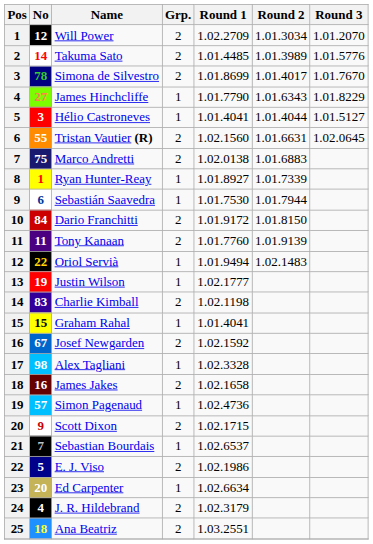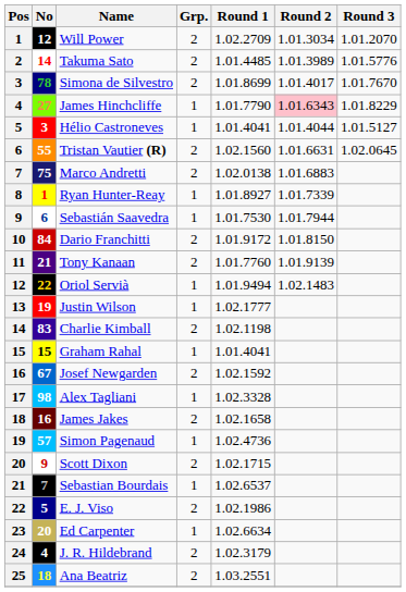 <table class="wikitable sortable" " style="fontsize:95%">
 <tr>
 <th>Pos</th>
 <th>No</th>
 <th>Name</th>
 <th>Grp.</th>
 <th>Round 1</th>
 <th>Round 2</th>
 <th>Round 3</th>
 </tr>
 <tr>
 <th scope="row">1</th>
 <td style="background:black; color:white;" align="center"><strong>12</strong></td>
 <td> <a href='#'>Will Power</a></td>
 <td style="text-align: center;">2</td>
 <td align="center">1.02.2709</td>
 <td align="center">1.01.3034</td>
 <td align="center">1.01.2070</td>
 </tr>
 <tr>
 <th scope="row">2</th>
 <td style="background:white; color:red;" align="center"><strong>14</strong></td>
 <td> <a href='#'>Takuma Sato</a></td>
 <td style="text-align: center;">2</td>
 <td align="center">1.01.4485</td>
 <td align="center">1.01.3989</td>
 <td align="center">1.01.5776</td>
 </tr>
 <tr>
 <th scope="row">3</th>
 <td style="background:navy; color:limegreen;" align="center"><strong>78</strong></td>
 <td> <a href='#'>Simona de Silvestro</a></td>
 <td style="text-align: center;">2</td>
 <td align="center">1.01.8699</td>
 <td align="center">1.01.4017</td>
 <td align="center">1.01.7670</td>
 </tr>
 <tr>
 <th scope="row">4</th>
 <td style="background:lawngreen; color:coral;" align="center"><strong>27</strong></td>
 <td> <a href='#'>James Hinchcliffe</a></td>
 <td style="text-align: center;">1</td>
 <td align="center">1.01.7790</td>
-<td align="center">1.01.6343</td>
+<td align="center" style="background: pink;">1.01.6343</td>
 <td align="center">1.01.8229</td>
 </tr>
 <tr>
 <th scope="row">5</th>
 <td style="background:red; color:white;" align="center"><strong>3</strong></td>
 <td> <a href='#'>Hélio Castroneves</a></td>
 <td style="text-align: center;">1</td>
 <td align="center">1.01.4041</td>
 <td align="center">1.01.4044</td>
 <td align="center">1.01.5127</td>
 </tr>
 <tr>
 <th scope="row">6</th>
 <td style="background:darkorange; color:white;" align="center"><strong>55</strong></td>
 <td> <a href='#'>Tristan Vautier</a> <strong>(R)</strong></td>
 <td style="text-align: center;">2</td>
 <td align="center">1.02.1560</td>
 <td align="center">1.01.6631</td>
 <td align="center">1.02.0645</td>
 </tr>
 <tr>
 <th scope="row">7</th>
 <td style="background:midnightblue; color:white;" align="center"><strong>75</strong></td>
 <td> <a href='#'>Marco Andretti</a></td>
 <td style="text-align: center;">2</td>
 <td align="center">1.02.0138</td>
 <td align="center">1.01.6883</td>
 <td></td>
 </tr>
 <tr>
 <th scope="row">8</th>
 <td style="background:yellow; color:red;" align="center"><strong>1</strong></td>
 <td> <a href='#'>Ryan Hunter-Reay</a></td>
 <td style="text-align: center;">1</td>
 <td align="center">1.01.8927</td>
 <td align="center">1.01.7339</td>
 <td></td>
 </tr>
 <tr>
 <th scope="row">9</th>
 <td style="background:white; color:#003399;" align="center"><strong>6</strong></td>
 <td> <a href='#'>Sebastián Saavedra</a></td>
 <td style="text-align: center;">1</td>
 <td align="center">1.01.7530</td>
 <td align="center">1.01.7944</td>
 <td></td>
 </tr>
 <tr>
 <th scope="row">10</th>
 <td style="background:#CC0000; color:white;" align="center"><strong>84</strong></td>
 <td> <a href='#'>Dario Franchitti</a></td>
 <td style="text-align: center;">2</td>
 <td align="center">1.01.9172</td>
 <td align="center">1.01.8150</td>
 <td></td>
 </tr>
 <tr>
 <th scope="row">11</th>
-<td style="background:indigo; color:white;" align="center"><strong>11</strong></td>
+<td style="background:indigo; color:white;" align="center"><strong>21</strong></td>
 <td> <a href='#'>Tony Kanaan</a></td>
 <td style="text-align: center;">2</td>
 <td align="center">1.01.7760</td>
 <td align="center">1.01.9139</td>
 <td></td>
 </tr>
 <tr>
 <th scope="row">12</th>
 <td style="background:black; color:gold;" align="center"><strong>22</strong></td>
 <td> <a href='#'>Oriol Servià</a></td>
 <td style="text-align: center;">1</td>
 <td align="center">1.01.9494</td>
 <td align="center">1.02.1483</td>
 <td></td>
 </tr>
 <tr>
 <th scope="row">13</th>
 <td style="background:red; color:white;" align="center"><strong>19</strong></td>
 <td> <a href='#'>Justin Wilson</a></td>
 <td style="text-align: center;">1</td>
 <td align="center">1.02.1777</td>
 <td></td>
 <td></td>
 </tr>
 <tr>
 <th scope="row">14</th>
 <td style="background:#330099; color:white;" align="center"><strong>83</strong></td>
 <td> <a href='#'>Charlie Kimball</a></td>
 <td style="text-align: center;">2</td>
 <td align="center">1.02.1198</td>
 <td></td>
 <td></td>
 </tr>
 <tr>
 <th scope="row">15</th>
 <td style="background:yellow; color:black;" align="center"><strong>15</strong></td>
 <td> <a href='#'>Graham Rahal</a></td>
 <td style="text-align: center;">1</td>
 <td align="center">1.01.4041</td>
 <td></td>
 <td></td>
 </tr>
 <tr>
 <th scope="row">16</th>
 <td style="background:#0066CC; color:white;" align="center"><strong>67</strong></td>
 <td> <a href='#'>Josef Newgarden</a></td>
 <td style="text-align: center;">2</td>
 <td align="center">1.02.1592</td>
 <td></td>
 <td></td>
 </tr>
 <tr>
 <th scope="row">17</th>
 <td style="background:deepskyblue; color:white;" align="center"><strong>98</strong></td>
 <td> <a href='#'>Alex Tagliani</a></td>
 <td style="text-align: center;">1</td>
 <td align="center">1.02.3328</td>
 <td></td>
 <td></td>
 </tr>
 <tr>
 <th scope="row">18</th>
 <td style="background:#660000; color:white;" align="center"><strong>16</strong></td>
 <td> <a href='#'>James Jakes</a></td>
 <td style="text-align: center;">2</td>
 <td align="center">1.02.1658</td>
 <td></td>
 <td></td>
 </tr>
 <tr>
 <th scope="row">19</th>
 <td style="background:deepskyblue; color:white;" align="center"><strong>57</strong></td>
 <td> <a href='#'>Simon Pagenaud</a></td>
 <td style="text-align: center;">1</td>
 <td align="center">1.02.4736</td>
 <td></td>
 <td></td>
 </tr>
 <tr>
 <th scope="row">20</th>
 <td style="background:white; color:#CC0000;" align="center"><strong>9</strong></td>
 <td> <a href='#'>Scott Dixon</a></td>
 <td style="text-align: center;">2</td>
 <td align="center">1.02.1715</td>
 <td></td>
 <td></td>
 </tr>
 <tr>
 <th scope="row">21</th>
 <td style="background:black; color:silver;" align="center"><strong>7</strong></td>
 <td> <a href='#'>Sebastian Bourdais</a></td>
 <td style="text-align: center;">1</td>
 <td align="center">1.02.6537</td>
 <td></td>
 <td></td>
 </tr>
 <tr>
 <th scope="row">22</th>
 <td style="background:darkblue; color:white;" align="center"><strong>5</strong></td>
 <td> <a href='#'>E. J. Viso</a></td>
 <td style="text-align: center;">2</td>
 <td align="center">1.02.1986</td>
 <td></td>
 <td></td>
 </tr>
 <tr>
 <th scope="row">23</th>
 <td style="background:#C5B358; color:white;" align="center"><strong>20</strong></td>
 <td> <a href='#'>Ed Carpenter</a></td>
 <td style="text-align: center;">1</td>
 <td align="center">1.02.6634</td>
 <td></td>
 <td></td>
 </tr>
 <tr>
 <th scope="row">24</th>
 <td style="background:black; color:white;" align="center"><strong>4</strong></td>
 <td> <a href='#'>J. R. Hildebrand</a></td>
 <td style="text-align: center;">2</td>
 <td align="center">1.02.3179</td>
 <td></td>
 <td></td>
 </tr>
 <tr>
 <th scope="row">25</th>
 <td style="background:dodgerblue; color:#FFFF33;" align="center"><strong>18</strong></td>
 <td> <a href='#'>Ana Beatriz</a></td>
 <td style="text-align: center;">2</td>
 <td align="center">1.03.2551</td>
 <td></td>
 <td></td>
 </tr>
 <tr>
 </tr>
 </table>
